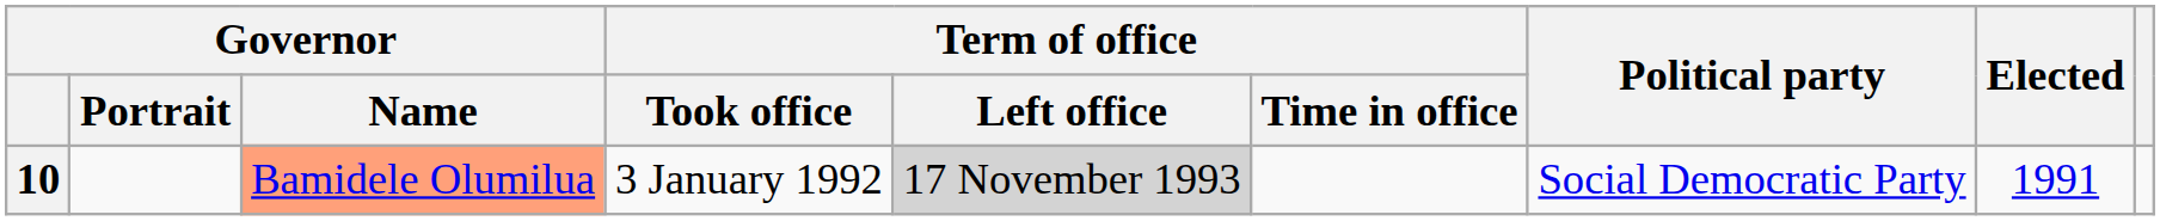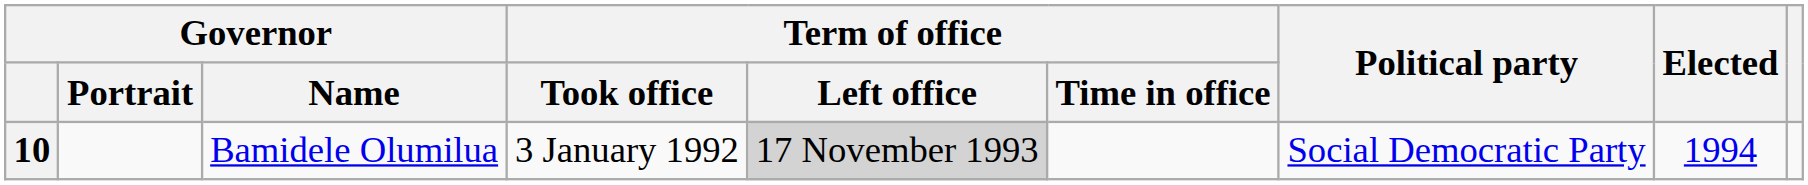 <table class="wikitable" style="text-align:center">
 <tr>
 <th colspan=3>Governor</th>
 <th colspan=3>Term of office</th>
 <th rowspan=2>Political party</th>
 <th rowspan=2>Elected</th>
 <th rowspan=2></th>
 </tr>
 <tr>
 <th></th>
 <th>Portrait</th>
 <th>Name<br></th>
 <th>Took office</th>
 <th>Left office</th>
 <th>Time in office</th>
 </tr>
 <tr>
 <th style="background:">10</th>
 <td></td>
-<td style="background: lightsalmon;"><a href='#'>Bamidele Olumilua</a><br></td>
+<td><a href='#'>Bamidele Olumilua</a><br></td>
 <td>3 January 1992</td>
 <td style="background: lightgrey;">17 November 1993</td>
 <td></td>
 <td><a href='#'>Social Democratic Party</a></td>
-<td><a href='#'>1991</a></td>
+<td><a href='#'>1994</a></td>
 <td></td>
 </tr>
 </table>
